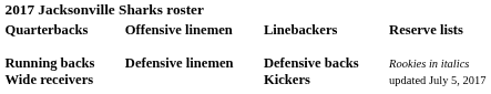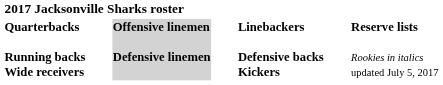 <table class="toccolours" style="text-align: left;">
 <tr>
 <th colspan=7><strong>2017 Jacksonville Sharks roster</strong></th>
 </tr>
 <tr>
 <td style="font-size: 95%;vertical-align:top;"><strong>Quarterbacks</strong><br> <br><strong>Running backs</strong> <br><strong>Wide receivers</strong>     </td>
 <td style="width: 25px;"></td>
-<td style="font-size: 95%;vertical-align:top;"><strong>Offensive linemen</strong><br>  <br><strong>Defensive linemen</strong>      </td>
+<td style="background: lightgrey; font-size: 95%;vertical-align:top;"><strong>Offensive linemen</strong><br>  <br><strong>Defensive linemen</strong>      </td>
 <td style="width: 25px;"></td>
 <td style="font-size: 95%;vertical-align:top;"><strong>Linebackers</strong><br> <br><strong>Defensive backs</strong>     <br><strong>Kickers</strong> </td>
 <td style="width: 25px;"></td>
 <td style="font-size: 95%;vertical-align:top;"><strong>Reserve lists</strong><br>        <br><small><em>Rookies in italics</em><br><span> </span> updated July 5, 2017</small><br> </td>
 </tr>
 <tr>
 </tr>
 </table>
